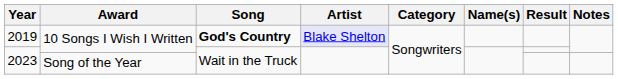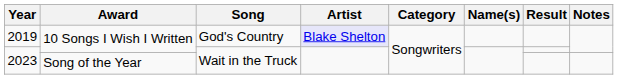 <table class="wikitable">
 <tr>
 <th>Year</th>
 <th>Award</th>
 <th>Song</th>
 <th>Artist</th>
 <th>Category</th>
 <th>Name(s)</th>
 <th>Result</th>
 <th>Notes</th>
 </tr>
 <tr>
 <td>2019</td>
 <td rowspan="2">10 Songs I Wish I Written</td>
-<td><strong>God's Country</strong></td>
+<td>God's Country</td>
 <td style="background: lavender;"><a href='#'>Blake Shelton</a></td>
 <td rowspan="3">Songwriters</td>
 <td></td>
 <td></td>
 <td rowspan="2"></td>
 </tr>
 <tr>
 <td rowspan="2">2023</td>
 <td rowspan="2">Wait in the Truck</td>
 <td rowspan="2"></td>
 <td rowspan="2"></td>
 <td></td>
 </tr>
 <tr>
 <td>Song of the Year</td>
 <td></td>
 <td></td>
 </tr>
 </table>
